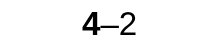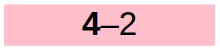 <table style="text-align:center">
 <tr>
 <th width=223></th>
 <th width=100></th>
 <th width=223></th>
 </tr>
 <tr>
 <td align=right><strong></strong></td>
-<td><strong>4</strong>–2</td>
+<td style="background: pink;"><strong>4</strong>–2</td>
 <td align=left></td>
 </tr>
 </table>
